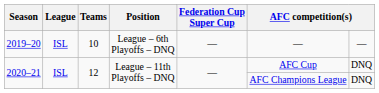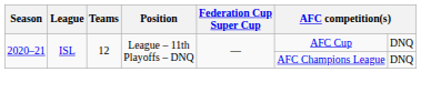 <table class="wikitable" style="text-align:center">
 <tr style="background:#efefef;">
 <th>Season</th>
 <th>League</th>
 <th>Teams</th>
 <th>Position</th>
 <th><a href='#'>Federation Cup</a><br><a href='#'>Super Cup</a></th>
 <th colspan=2><a href='#'>AFC</a> competition(s)</th>
-</tr>
-<tr>
-<td><a href='#'>2019–20</a></td>
-<td><a href='#'>ISL</a></td>
-<td>10</td>
-<td>League – 6th<br>Playoffs – DNQ</td>
-<td>—</td>
-<td>—</td>
-<td>—</td>
 </tr>
 <tr>
 <td rowspan=2><a href='#'>2020–21</a></td>
 <td rowspan=2><a href='#'>ISL</a></td>
 <td rowspan=2>12</td>
 <td rowspan=2>League – 11th<br>Playoffs – DNQ</td>
 <td rowspan=2>—</td>
 <td><a href='#'>AFC Cup</a></td>
 <td>DNQ</td>
 </tr>
 <tr>
 <td><a href='#'>AFC Champions League</a></td>
 <td>DNQ</td>
 </tr>
 </table>
